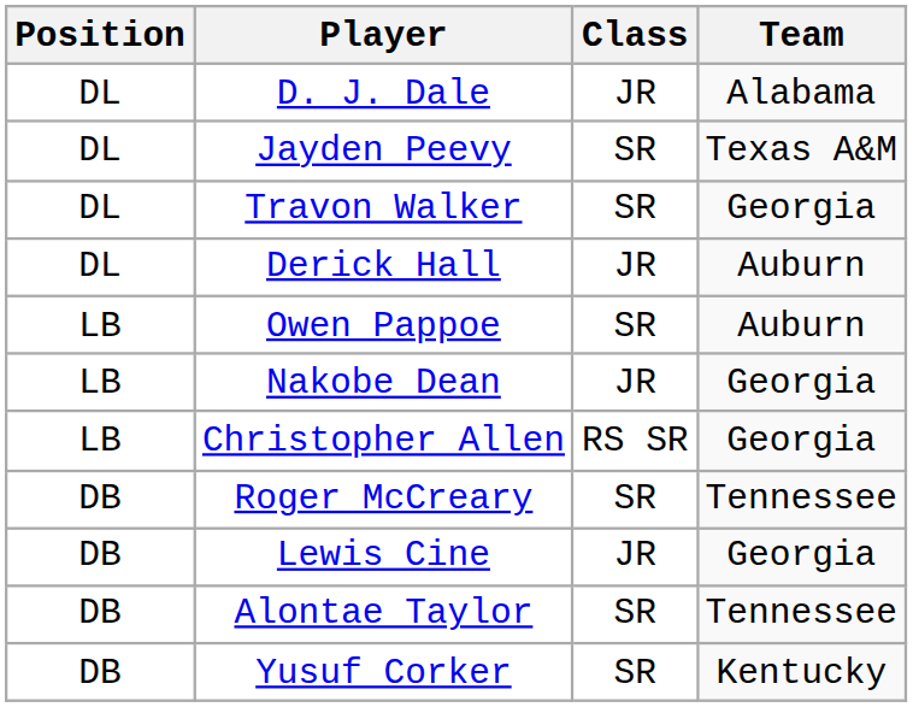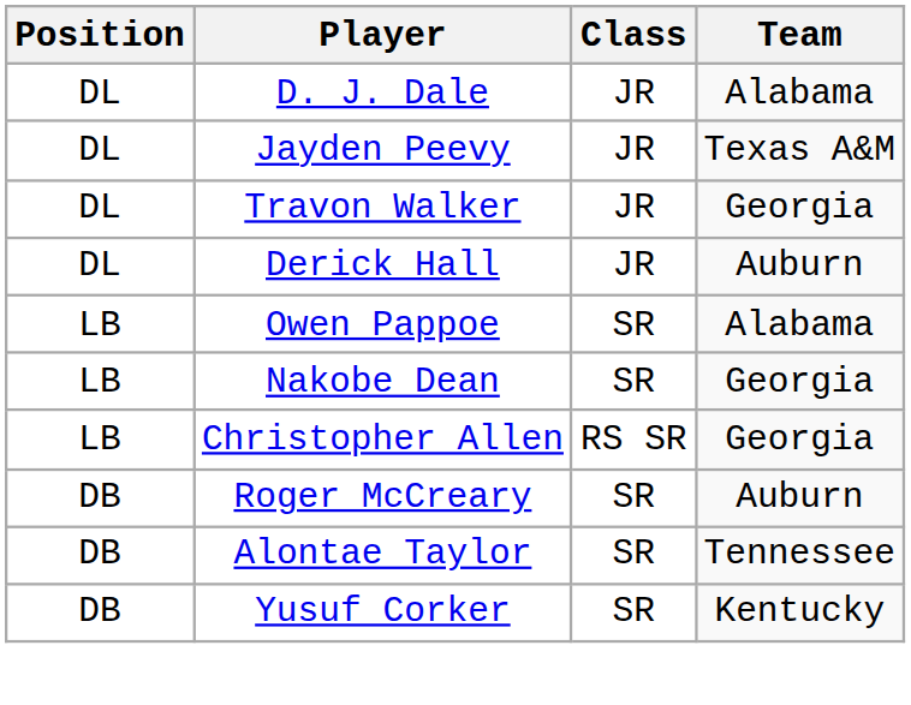 <table class="wikitable sortable">
 <tr>
 <th>Position</th>
 <th>Player</th>
 <th>Class</th>
 <th>Team</th>
 </tr>
 <tr style="text-align:center;">
 <td style="background:white">DL</td>
 <td style="background:white"><a href='#'>D. J. Dale</a></td>
 <td style="background:white">JR</td>
 <td>Alabama</td>
 </tr>
 <tr style="text-align:center;">
 <td style="background:white">DL</td>
 <td style="background:white"><a href='#'>Jayden Peevy</a></td>
-<td style="background:white">SR</td>
+<td style="background:white">JR</td>
 <td>Texas A&M</td>
 </tr>
 <tr style="text-align:center;">
 <td style="background:white">DL</td>
 <td style="background:white"><a href='#'>Travon Walker</a></td>
-<td style="background:white">SR</td>
+<td style="background:white">JR</td>
 <td>Georgia</td>
 </tr>
 <tr style="text-align:center;">
 <td style="background:white">DL</td>
 <td style="background:white"><a href='#'>Derick Hall</a></td>
 <td style="background:white">JR</td>
 <td>Auburn</td>
 </tr>
 <tr style="text-align:center;">
 <td style="background:white">LB</td>
 <td style="background:white"><a href='#'>Owen Pappoe</a></td>
 <td style="background:white">SR</td>
-<td>Auburn</td>
+<td>Alabama</td>
 </tr>
 <tr style="text-align:center;">
 <td style="background:white">LB</td>
 <td style="background:white"><a href='#'>Nakobe Dean</a></td>
-<td style="background:white">JR</td>
+<td style="background:white">SR</td>
 <td>Georgia</td>
 </tr>
 <tr style="text-align:center;">
 <td style="background:white">LB</td>
 <td style="background:white"><a href='#'>Christopher Allen</a></td>
 <td style="background:white">RS SR</td>
 <td>Georgia</td>
 </tr>
 <tr style="text-align:center;">
 <td style="background:white">DB</td>
 <td style="background:white"><a href='#'>Roger McCreary</a></td>
 <td style="background:white">SR</td>
-<td>Tennessee</td>
-</tr>
-<tr style="text-align:center;">
-<td style="background:white">DB</td>
-<td style="background:white"><a href='#'>Lewis Cine</a></td>
-<td style="background:white">JR</td>
-<td>Georgia</td>
+<td>Auburn</td>
 </tr>
 <tr style="text-align:center;">
 <td style="background:white">DB</td>
 <td style="background:white"><a href='#'>Alontae Taylor</a></td>
 <td style="background:white">SR</td>
 <td>Tennessee</td>
 </tr>
 <tr style="text-align:center;">
 <td style="background:white">DB</td>
 <td style="background:white"><a href='#'>Yusuf Corker</a></td>
 <td style="background:white">SR</td>
 <td>Kentucky</td>
 </tr>
 </table>
